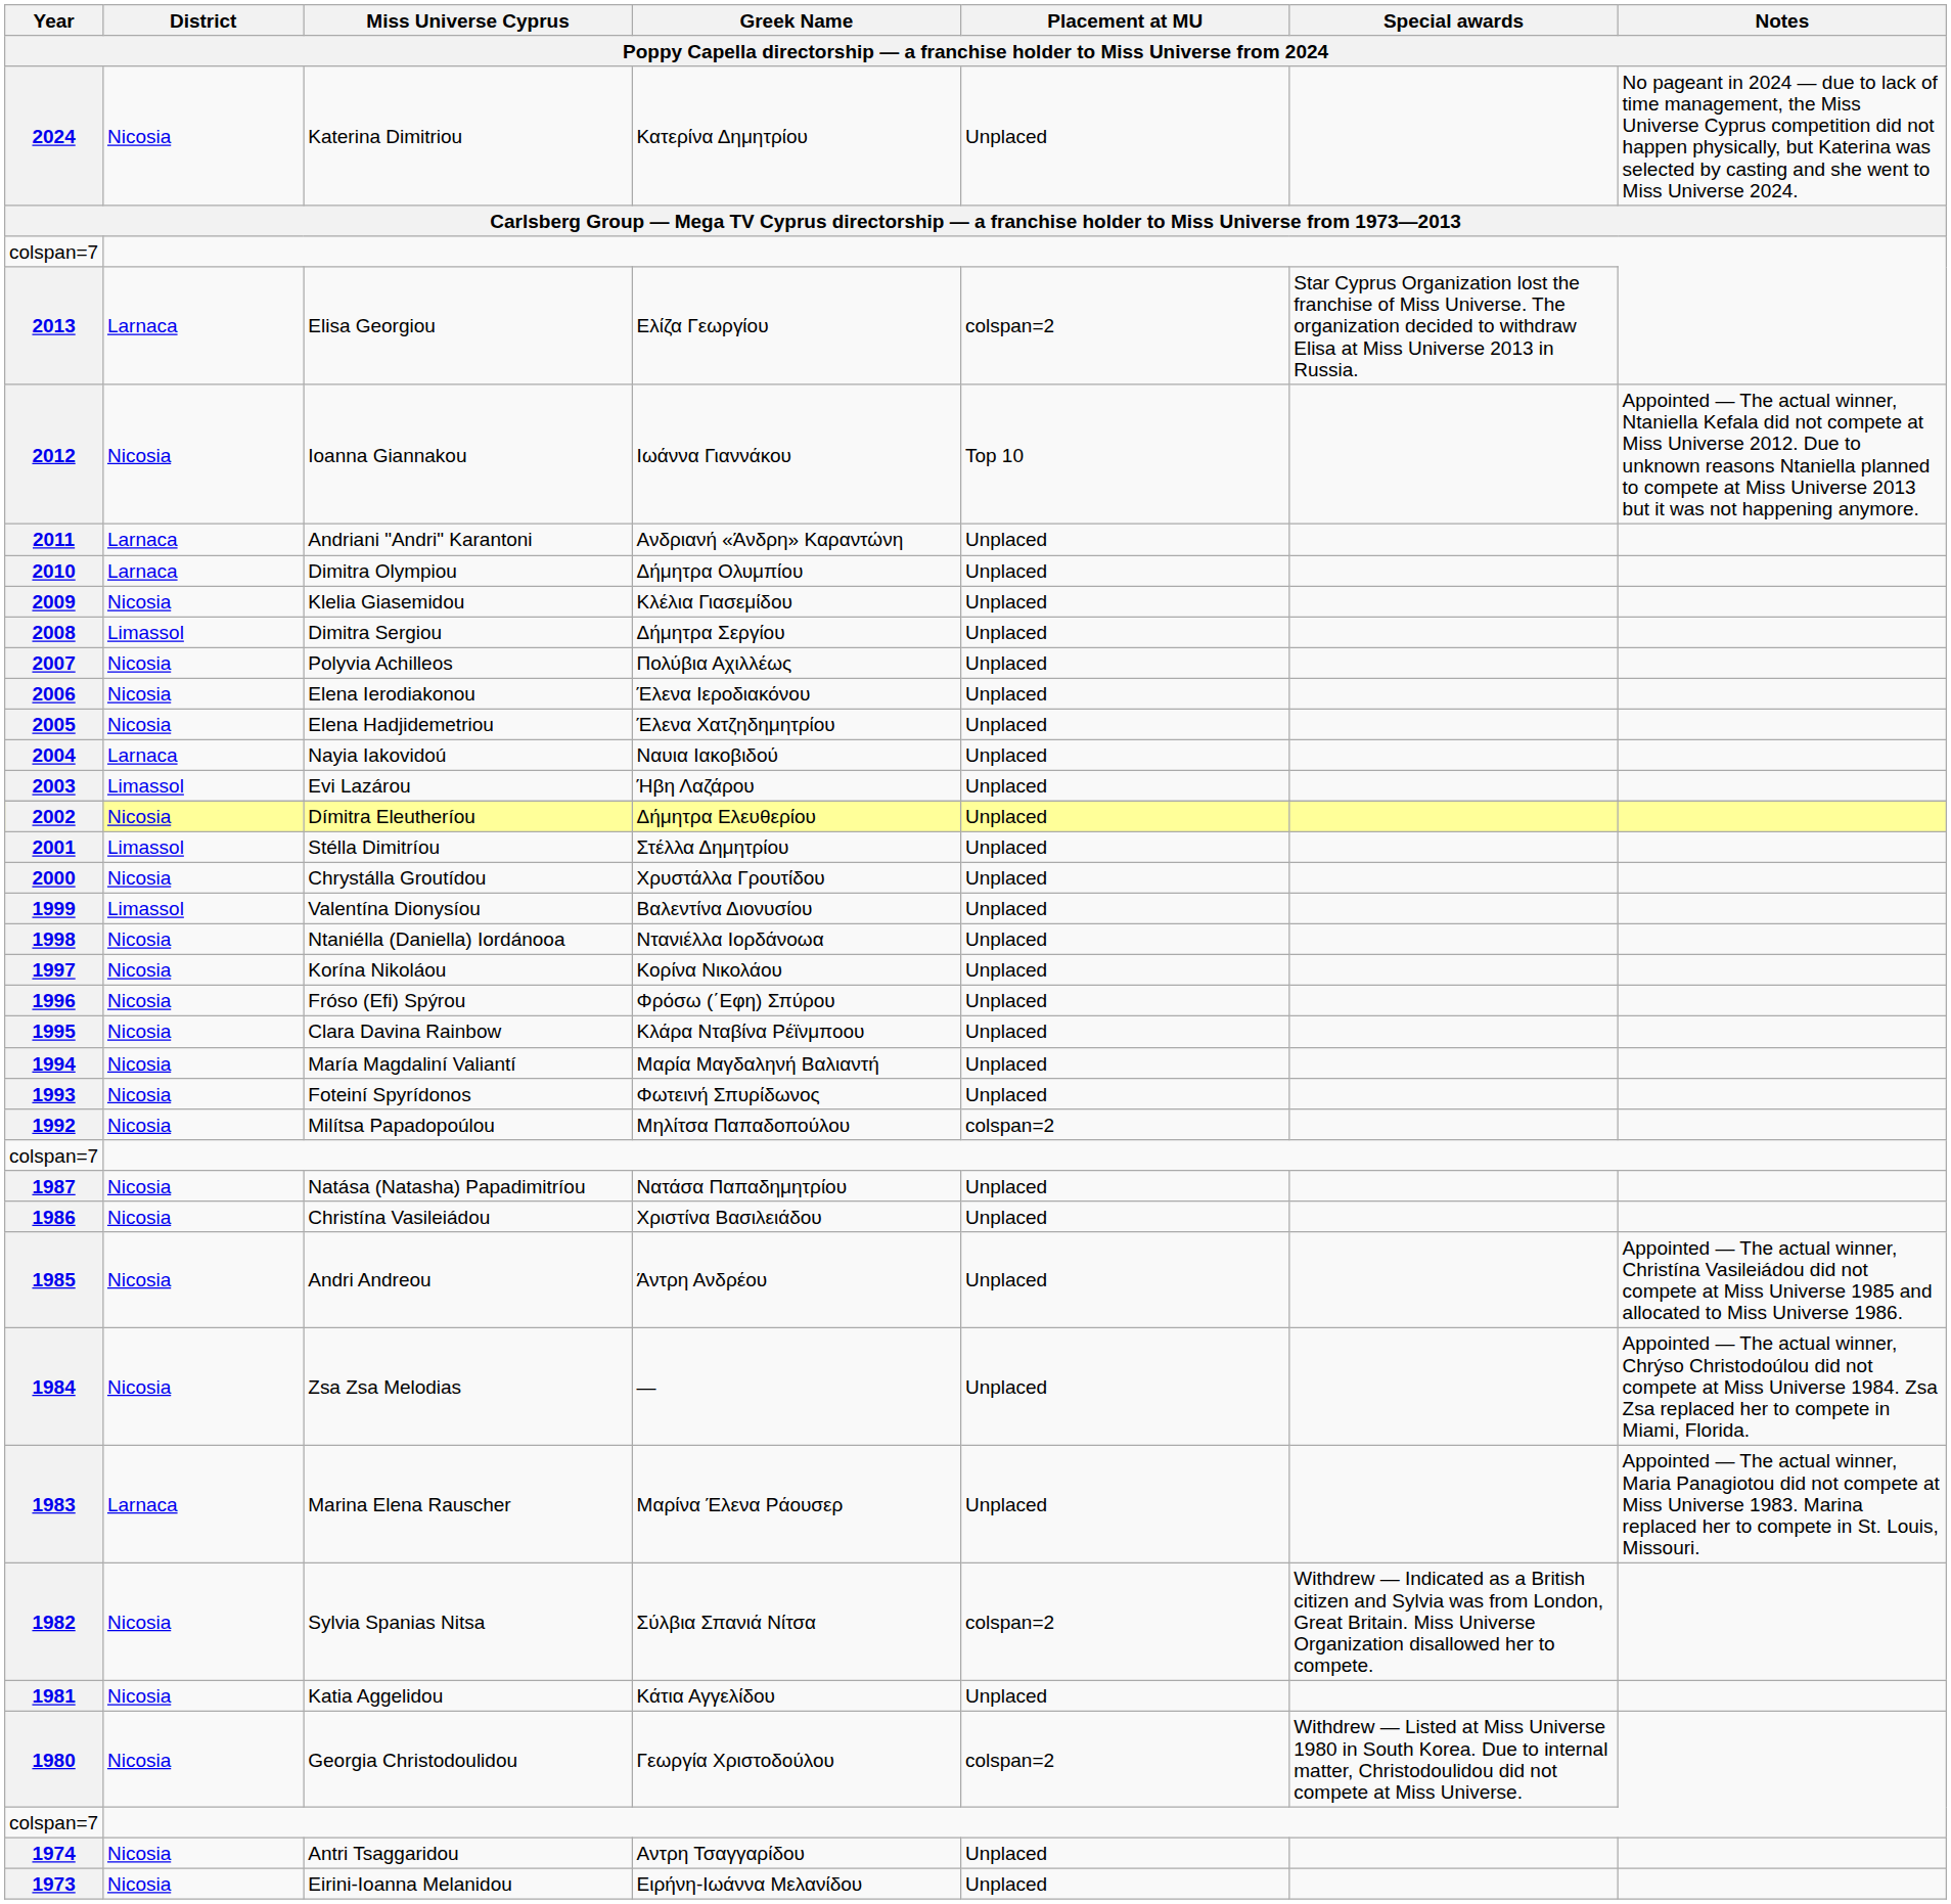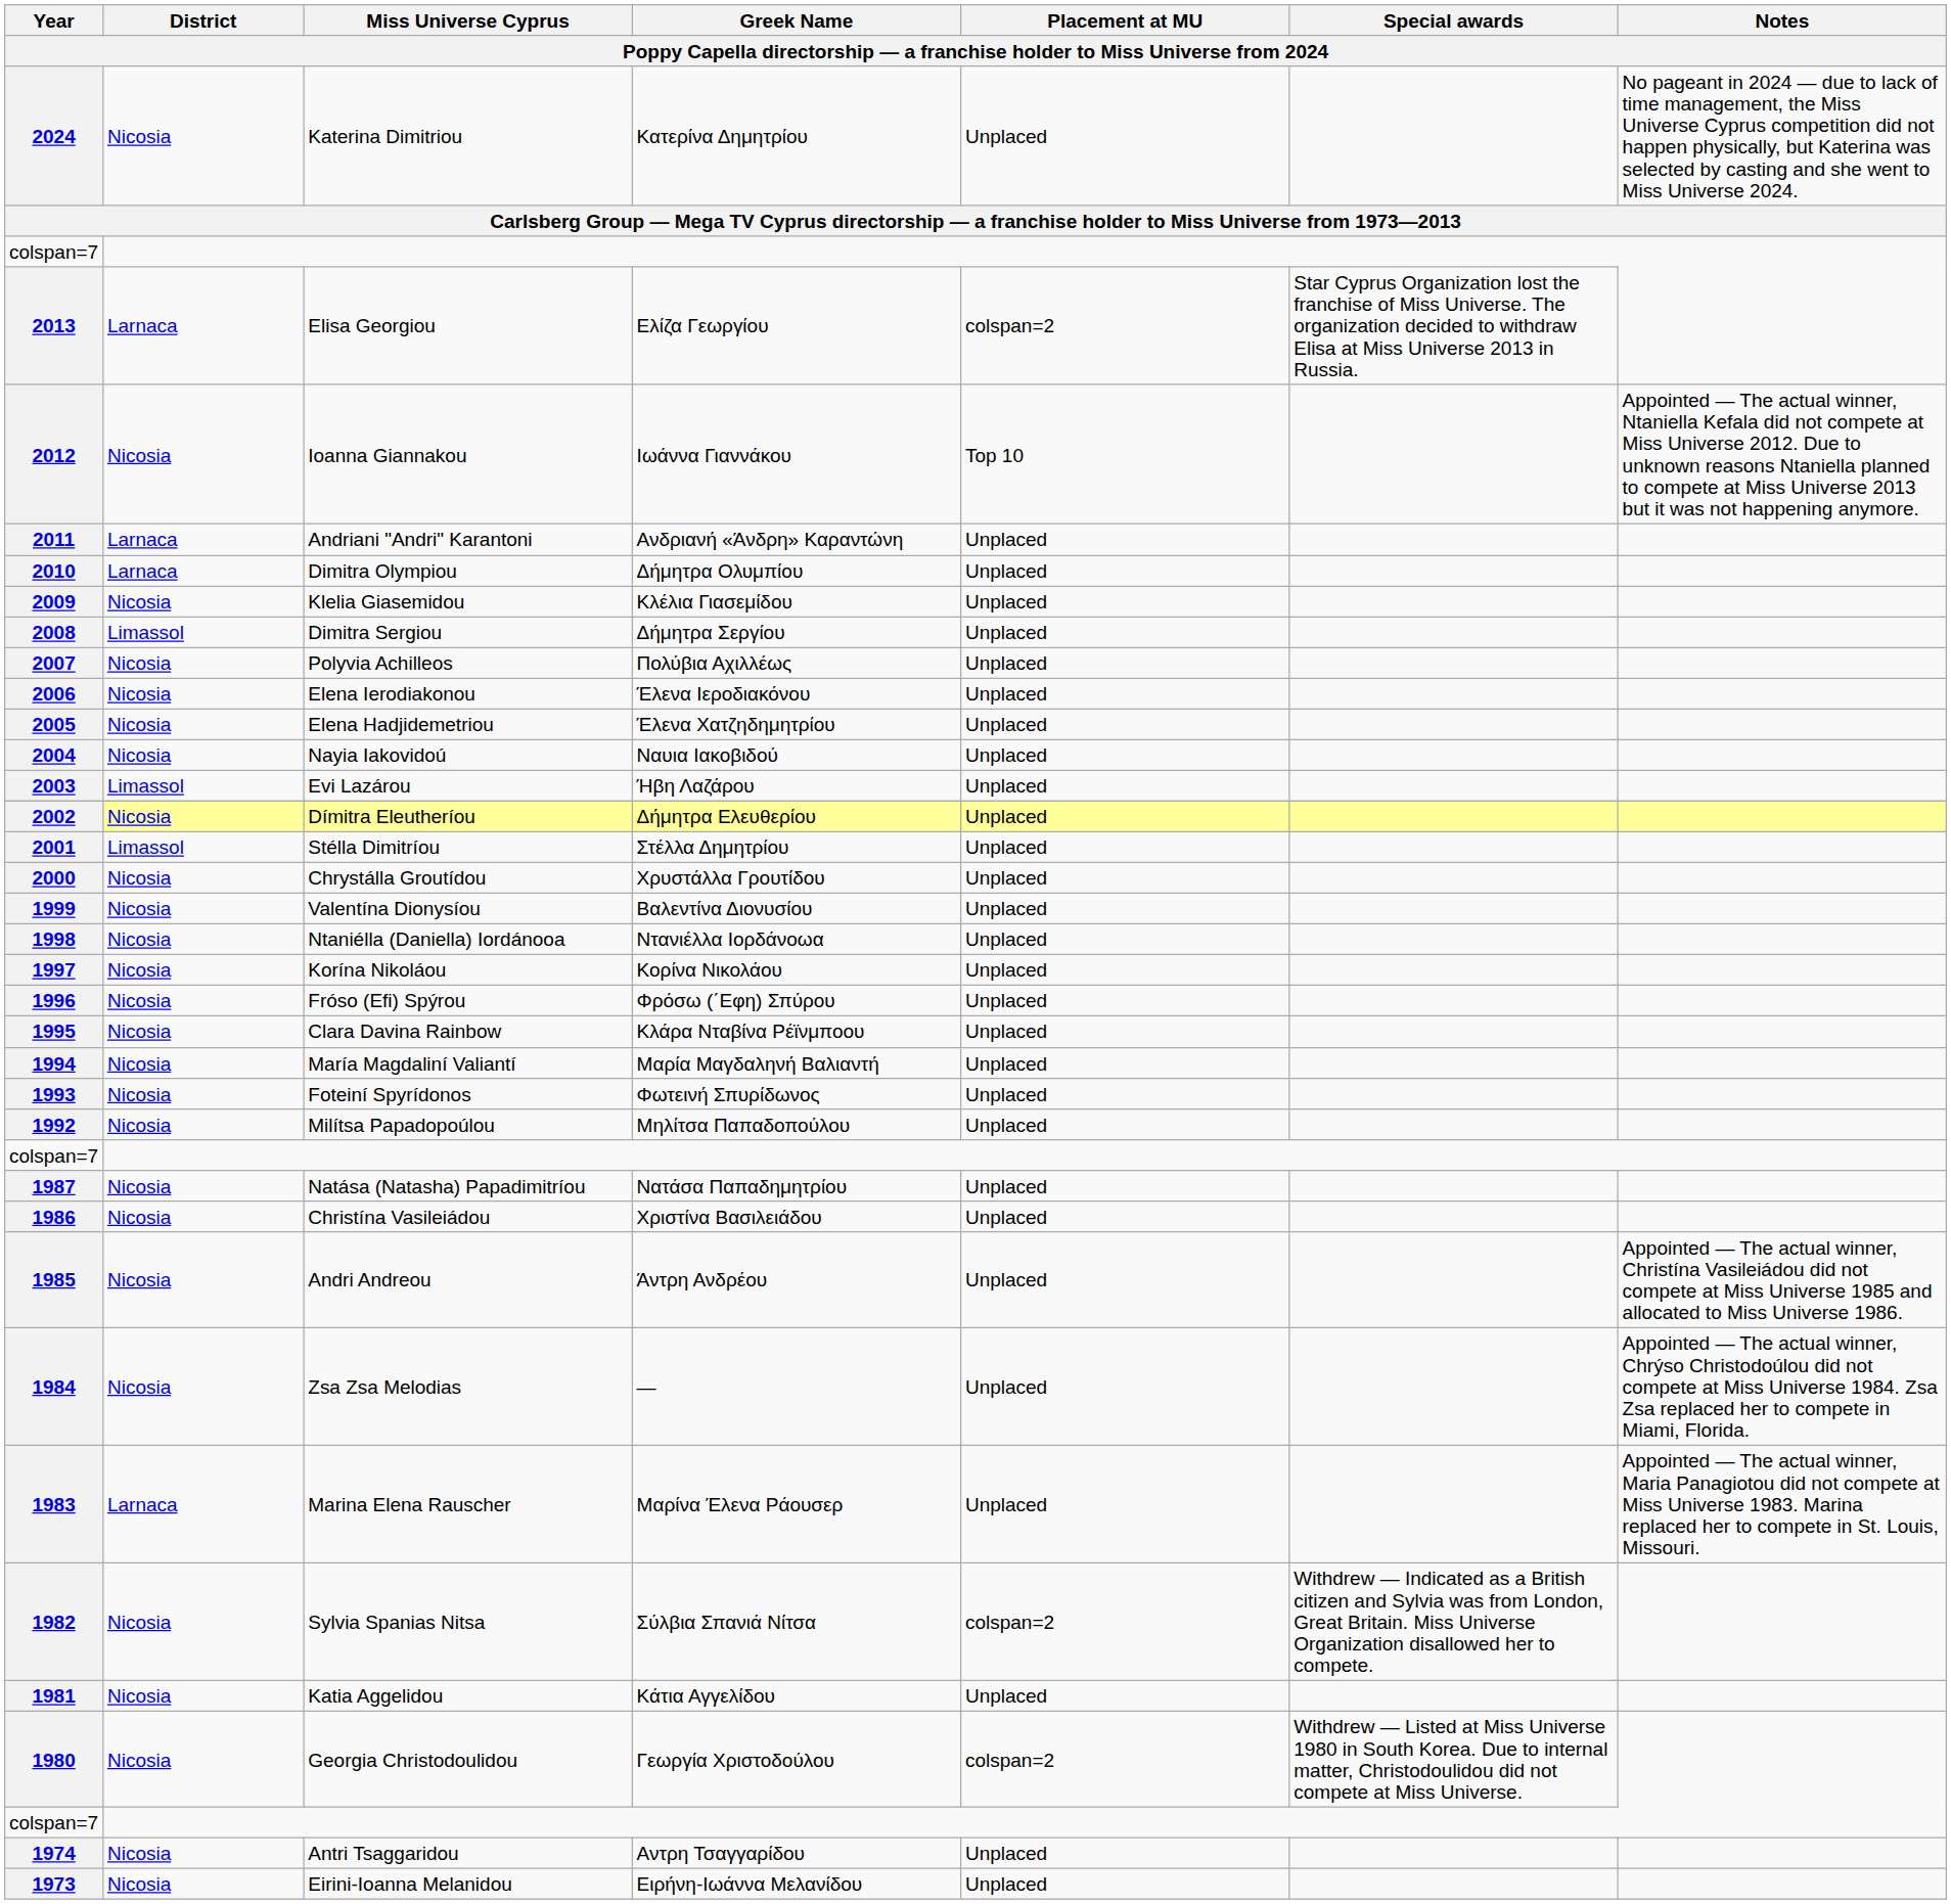 <table class="wikitable " style="font-size: 95%;">
 <tr>
 <th width="60">Year</th>
 <th width="150">District</th>
 <th width="250">Miss Universe Cyprus</th>
 <th width="250">Greek Name</th>
 <th width="250">Placement at MU</th>
 <th width="250">Special awards</th>
 <th width="250">Notes</th>
 </tr>
 <tr>
 <th colspan="7">Poppy Capella directorship — a franchise holder to Miss Universe from 2024</th>
 </tr>
 <tr>
 <th><a href='#'>2024</a></th>
 <td><a href='#'>Nicosia</a></td>
 <td>Katerina Dimitriou</td>
 <td>Κατερίνα Δημητρίου</td>
 <td>Unplaced</td>
 <td></td>
 <td>No pageant in 2024 ― due to lack of time management, the Miss Universe Cyprus competition did not happen physically, but Katerina was selected by casting and she went to Miss Universe 2024.</td>
 </tr>
 <tr>
 <th colspan="7">Carlsberg Group — Mega TV Cyprus directorship — a franchise holder to Miss Universe from 1973―2013</th>
 </tr>
 <tr>
 <td>colspan=7 </td>
 </tr>
 <tr>
 <th><a href='#'>2013</a></th>
 <td><a href='#'>Larnaca</a></td>
 <td>Elisa Georgiou</td>
 <td>Ελίζα Γεωργίου</td>
 <td>colspan=2 </td>
 <td>Star Cyprus Organization lost the franchise of Miss Universe. The organization decided to withdraw Elisa at Miss Universe 2013 in Russia.</td>
 </tr>
 <tr>
 <th><a href='#'>2012</a></th>
 <td><a href='#'>Nicosia</a></td>
 <td>Ioanna Giannakou</td>
 <td>Ιωάννα Γιαννάκου</td>
 <td>Top 10</td>
 <td></td>
 <td>Appointed — The actual winner, Ntaniella Kefala did not compete at Miss Universe 2012. Due to unknown reasons Ntaniella planned to compete at Miss Universe 2013 but it was not happening anymore.</td>
 </tr>
 <tr>
 <th><a href='#'>2011</a></th>
 <td><a href='#'>Larnaca</a></td>
 <td>Andriani "Andri" Karantoni</td>
 <td>Ανδριανή «Άνδρη» Καραντώνη</td>
 <td>Unplaced</td>
 <td></td>
 <td></td>
 </tr>
 <tr>
 <th><a href='#'>2010</a></th>
 <td><a href='#'>Larnaca</a></td>
 <td>Dimitra Olympiou</td>
 <td>Δήμητρα Ολυμπίου</td>
 <td>Unplaced</td>
 <td></td>
 <td></td>
 </tr>
 <tr>
 <th><a href='#'>2009</a></th>
 <td><a href='#'>Nicosia</a></td>
 <td>Klelia Giasemidou</td>
 <td>Κλέλια Γιασεμίδου</td>
 <td>Unplaced</td>
 <td></td>
 <td></td>
 </tr>
 <tr>
 <th><a href='#'>2008</a></th>
 <td><a href='#'>Limassol</a></td>
 <td>Dimitra Sergiou</td>
 <td>Δήμητρα Σεργίου</td>
 <td>Unplaced</td>
 <td></td>
 <td></td>
 </tr>
 <tr>
 <th><a href='#'>2007</a></th>
 <td><a href='#'>Nicosia</a></td>
 <td>Polyvia Achilleos</td>
 <td>Πολύβια Αχιλλέως</td>
 <td>Unplaced</td>
 <td></td>
 <td></td>
 </tr>
 <tr>
 <th><a href='#'>2006</a></th>
 <td><a href='#'>Nicosia</a></td>
 <td>Elena Ierodiakonou</td>
 <td>Έλενα Ιεροδιακόνου</td>
 <td>Unplaced</td>
 <td></td>
 <td></td>
 </tr>
 <tr>
 <th><a href='#'>2005</a></th>
 <td><a href='#'>Nicosia</a></td>
 <td>Elena Hadjidemetriou</td>
 <td>Έλενα Χατζηδημητρίου</td>
 <td>Unplaced</td>
 <td></td>
 <td></td>
 </tr>
 <tr>
 <th><a href='#'>2004</a></th>
-<td><a href='#'>Larnaca</a></td>
+<td><a href='#'>Nicosia</a></td>
 <td>Nayia Iakovidoú</td>
 <td>Ναυια Ιακοβιδού</td>
 <td>Unplaced</td>
 <td></td>
 <td></td>
 </tr>
 <tr>
 <th><a href='#'>2003</a></th>
 <td><a href='#'>Limassol</a></td>
 <td>Evi Lazárou</td>
 <td>Ήβη Λαζάρου</td>
 <td>Unplaced</td>
 <td></td>
 <td></td>
 </tr>
 <tr>
 </tr>
 <tr style="background-color:#FFFF99;">
 <th><a href='#'>2002</a></th>
 <td><a href='#'>Nicosia</a></td>
 <td>Dímitra Eleutheríou</td>
 <td>Δήμητρα Ελευθερίου</td>
 <td>Unplaced</td>
 <td></td>
 <td></td>
 </tr>
 <tr>
 <th><a href='#'>2001</a></th>
 <td><a href='#'>Limassol</a></td>
 <td>Stélla Dimitríou</td>
 <td>Στέλλα Δημητρίου</td>
 <td>Unplaced</td>
 <td></td>
 <td></td>
 </tr>
 <tr>
 <th><a href='#'>2000</a></th>
 <td><a href='#'>Nicosia</a></td>
 <td>Chrystálla Groutídou</td>
 <td>Χρυστάλλα Γρουτίδου</td>
 <td>Unplaced</td>
 <td></td>
 <td></td>
 </tr>
 <tr>
 <th><a href='#'>1999</a></th>
-<td><a href='#'>Limassol</a></td>
+<td><a href='#'>Nicosia</a></td>
 <td>Valentína Dionysíou</td>
 <td>Βαλεντίνα Διονυσίου</td>
 <td>Unplaced</td>
 <td></td>
 <td></td>
 </tr>
 <tr>
 <th><a href='#'>1998</a></th>
 <td><a href='#'>Nicosia</a></td>
 <td>Ntaniélla (Daniella) Iordánooa</td>
 <td>Ντανιέλλα Ιορδάνοωα</td>
 <td>Unplaced</td>
 <td></td>
 <td></td>
 </tr>
 <tr>
 <th><a href='#'>1997</a></th>
 <td><a href='#'>Nicosia</a></td>
 <td>Korína Nikoláou</td>
 <td>Κορίνα Νικολάου</td>
 <td>Unplaced</td>
 <td></td>
 <td></td>
 </tr>
 <tr>
 <th><a href='#'>1996</a></th>
 <td><a href='#'>Nicosia</a></td>
 <td>Fróso (Efi) Spýrou</td>
 <td>Φρόσω (΄Εφη) Σπύρου</td>
 <td>Unplaced</td>
 <td></td>
 <td></td>
 </tr>
 <tr>
 <th><a href='#'>1995</a></th>
 <td><a href='#'>Nicosia</a></td>
 <td>Clara Davina Rainbow</td>
 <td>Κλάρα Νταβίνα Ρέϊνμποου</td>
 <td>Unplaced</td>
 <td></td>
 <td></td>
 </tr>
 <tr>
 <th><a href='#'>1994</a></th>
 <td><a href='#'>Nicosia</a></td>
 <td>María Magdaliní Valiantí</td>
 <td>Μαρία Μαγδαληνή Βαλιαντή</td>
 <td>Unplaced</td>
 <td></td>
 <td></td>
 </tr>
 <tr>
 <th><a href='#'>1993</a></th>
 <td><a href='#'>Nicosia</a></td>
 <td>Foteiní Spyrídonos</td>
 <td>Φωτεινή Σπυρίδωνος</td>
 <td>Unplaced</td>
 <td></td>
 <td></td>
 </tr>
 <tr>
 <th><a href='#'>1992</a></th>
 <td><a href='#'>Nicosia</a></td>
 <td>Milítsa Papadopoúlou</td>
 <td>Μηλίτσα Παπαδοπούλου</td>
-<td>colspan=2 </td>
+<td>Unplaced</td>
 <td></td>
 <td></td>
 </tr>
 <tr>
 <td>colspan=7 </td>
 </tr>
 <tr>
 <th><a href='#'>1987</a></th>
 <td><a href='#'>Nicosia</a></td>
 <td>Natása (Natasha) Papadimitríou</td>
 <td>Νατάσα Παπαδημητρίου</td>
 <td>Unplaced</td>
 <td></td>
 <td></td>
 </tr>
 <tr>
 <th><a href='#'>1986</a></th>
 <td><a href='#'>Nicosia</a></td>
 <td>Christína Vasileiádou</td>
 <td>Χριστίνα Βασιλειάδου</td>
 <td>Unplaced</td>
 <td></td>
 <td></td>
 </tr>
 <tr>
 <th><a href='#'>1985</a></th>
 <td><a href='#'>Nicosia</a></td>
 <td>Andri Andreou</td>
 <td>Άντρη Ανδρέου</td>
 <td>Unplaced</td>
 <td></td>
 <td>Appointed — The actual winner, Christína Vasileiádou did not compete at Miss Universe 1985 and allocated to Miss Universe 1986.</td>
 </tr>
 <tr>
 <th><a href='#'>1984</a></th>
 <td><a href='#'>Nicosia</a></td>
 <td>Zsa Zsa Melodias</td>
 <td>—</td>
 <td>Unplaced</td>
 <td></td>
 <td>Appointed — The actual winner, Chrýso Christodoúlou did not compete at Miss Universe 1984. Zsa Zsa replaced her to compete in Miami, Florida.</td>
 </tr>
 <tr>
 <th><a href='#'>1983</a></th>
 <td><a href='#'>Larnaca</a></td>
 <td>Marina Elena Rauscher</td>
 <td>Μαρίνα Έλενα Ράουσερ</td>
 <td>Unplaced</td>
 <td></td>
 <td>Appointed — The actual winner, Maria Panagiotou did not compete at Miss Universe 1983. Marina replaced her to compete in St. Louis, Missouri.</td>
 </tr>
 <tr>
 <th><a href='#'>1982</a></th>
 <td><a href='#'>Nicosia</a></td>
 <td>Sylvia Spanias Nitsa</td>
 <td>Σύλβια Σπανιά Νίτσα</td>
 <td>colspan=2 </td>
 <td>Withdrew — Indicated as a British citizen and Sylvia was from London, Great Britain. Miss Universe Organization disallowed her to compete.</td>
 </tr>
 <tr>
 <th><a href='#'>1981</a></th>
 <td><a href='#'>Nicosia</a></td>
 <td>Katia Aggelidou</td>
 <td>Κάτια Αγγελίδου</td>
 <td>Unplaced</td>
 <td></td>
 <td></td>
 </tr>
 <tr>
 <th><a href='#'>1980</a></th>
 <td><a href='#'>Nicosia</a></td>
 <td>Georgia Christodoulidou</td>
 <td>Γεωργία Χριστοδούλου</td>
 <td>colspan=2 </td>
 <td>Withdrew — Listed at Miss Universe 1980 in South Korea. Due to internal matter, Christodoulidou did not compete at Miss Universe.</td>
 </tr>
 <tr>
 <td>colspan=7 </td>
 </tr>
 <tr>
 <th><a href='#'>1974</a></th>
 <td><a href='#'>Nicosia</a></td>
 <td>Antri Tsaggaridou</td>
 <td>Αντρη Τσαγγαρίδου</td>
 <td>Unplaced</td>
 <td></td>
 <td></td>
 </tr>
 <tr>
 <th><a href='#'>1973</a></th>
 <td><a href='#'>Nicosia</a></td>
 <td>Eirini-Ioanna Melanidou</td>
 <td>Ειρήνη-Ιωάννα Μελανίδου</td>
 <td>Unplaced</td>
 <td></td>
 <td></td>
 </tr>
 </table>
